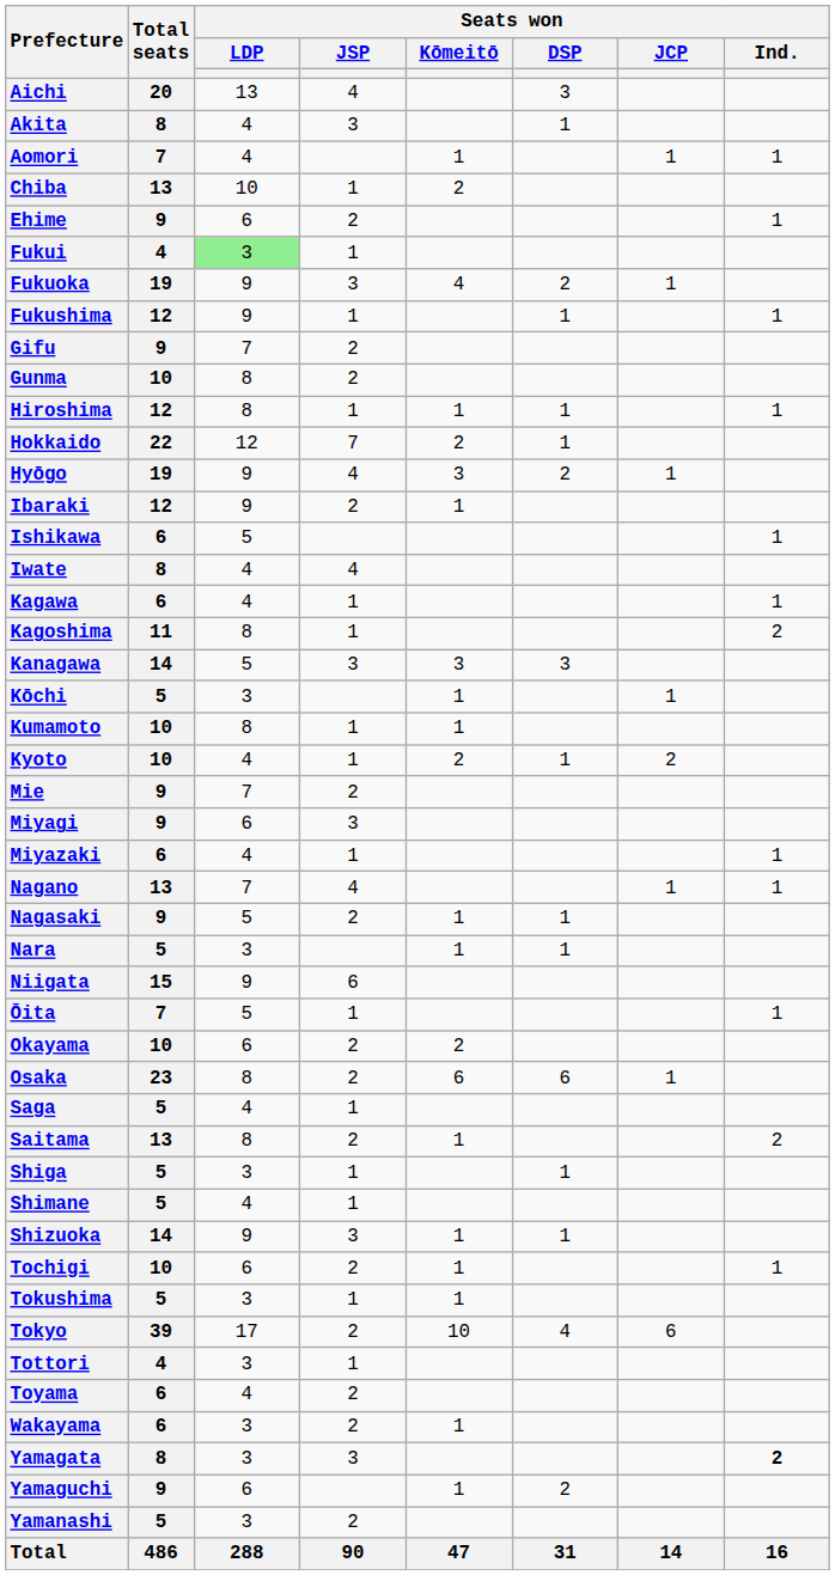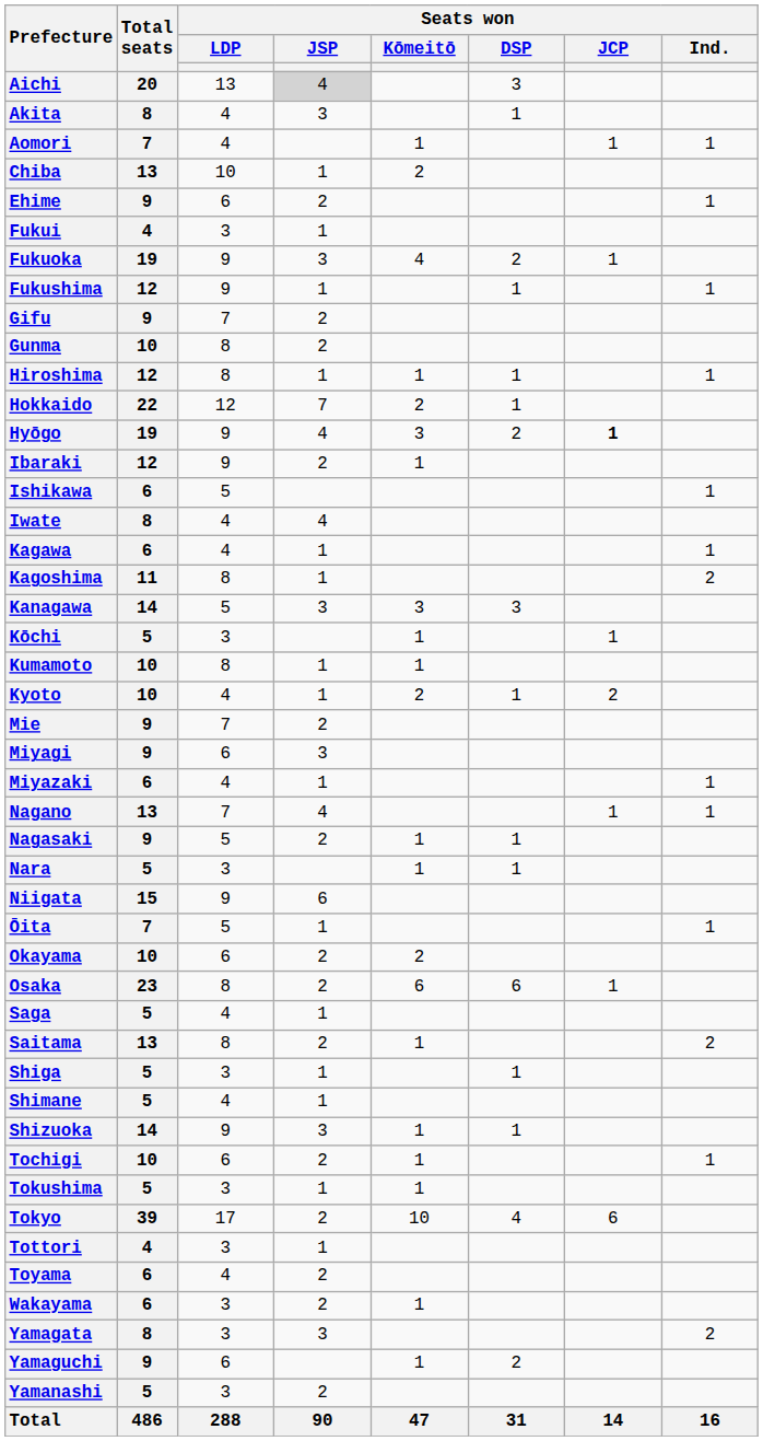 <table class="wikitable" style="text-align:center; font-size: 0.9em;">
 <tr>
 <th rowspan="3">Prefecture</th>
 <th rowspan="3">Total<br>seats</th>
 <th colspan="6">Seats won</th>
 </tr>
 <tr>
 <th class="unsortable" style="width:60px;"><a href='#'>LDP</a></th>
 <th class="unsortable" style="width:60px;"><a href='#'>JSP</a></th>
 <th class="unsortable" style="width:60px;"><a href='#'>Kōmeitō</a></th>
 <th class="unsortable" style="width:60px;"><a href='#'>DSP</a></th>
 <th class="unsortable" style="width:60px;"><a href='#'>JCP</a></th>
 <th class="unsortable" style="width:60px;">Ind.</th>
 </tr>
 <tr>
 <th style="background:"></th>
 <th style="background:"></th>
 <th style="background:"></th>
 <th style="background:"></th>
 <th style="background:"></th>
 <th style="background:"></th>
 </tr>
 <tr>
 <th style="text-align: left;"><a href='#'>Aichi</a></th>
 <th>20</th>
 <td>13</td>
-<td>4</td>
+<td style="background: lightgrey;">4</td>
 <td></td>
 <td>3</td>
 <td></td>
 <td></td>
 </tr>
 <tr>
 <th style="text-align: left;"><a href='#'>Akita</a></th>
 <th>8</th>
 <td>4</td>
 <td>3</td>
 <td></td>
 <td>1</td>
 <td></td>
 <td></td>
 </tr>
 <tr>
 <th style="text-align: left;"><a href='#'>Aomori</a></th>
 <th>7</th>
 <td>4</td>
 <td></td>
 <td>1</td>
 <td></td>
 <td>1</td>
 <td>1</td>
 </tr>
 <tr>
 <th style="text-align: left;"><a href='#'>Chiba</a></th>
 <th>13</th>
 <td>10</td>
 <td>1</td>
 <td>2</td>
 <td></td>
 <td></td>
 <td></td>
 </tr>
 <tr>
 <th style="text-align: left;"><a href='#'>Ehime</a></th>
 <th>9</th>
 <td>6</td>
 <td>2</td>
 <td></td>
 <td></td>
 <td></td>
 <td>1</td>
 </tr>
 <tr>
 <th style="text-align: left;"><a href='#'>Fukui</a></th>
 <th>4</th>
-<td style="background: lightgreen;">3</td>
+<td>3</td>
 <td>1</td>
 <td></td>
 <td></td>
 <td></td>
 <td></td>
 </tr>
 <tr>
 <th style="text-align: left;"><a href='#'>Fukuoka</a></th>
 <th>19</th>
 <td>9</td>
 <td>3</td>
 <td>4</td>
 <td>2</td>
 <td>1</td>
 <td></td>
 </tr>
 <tr>
 <th style="text-align: left;"><a href='#'>Fukushima</a></th>
 <th>12</th>
 <td>9</td>
 <td>1</td>
 <td></td>
 <td>1</td>
 <td></td>
 <td>1</td>
 </tr>
 <tr>
 <th style="text-align: left;"><a href='#'>Gifu</a></th>
 <th>9</th>
 <td>7</td>
 <td>2</td>
 <td></td>
 <td></td>
 <td></td>
 <td></td>
 </tr>
 <tr>
 <th style="text-align: left;"><a href='#'>Gunma</a></th>
 <th>10</th>
 <td>8</td>
 <td>2</td>
 <td></td>
 <td></td>
 <td></td>
 <td></td>
 </tr>
 <tr>
 <th style="text-align: left;"><a href='#'>Hiroshima</a></th>
 <th>12</th>
 <td>8</td>
 <td>1</td>
 <td>1</td>
 <td>1</td>
 <td></td>
 <td>1</td>
 </tr>
 <tr>
 <th style="text-align: left;"><a href='#'>Hokkaido</a></th>
 <th>22</th>
 <td>12</td>
 <td>7</td>
 <td>2</td>
 <td>1</td>
 <td></td>
 <td></td>
 </tr>
 <tr>
 <th style="text-align: left;"><a href='#'>Hyōgo</a></th>
 <th>19</th>
 <td>9</td>
 <td>4</td>
 <td>3</td>
 <td>2</td>
-<td>1</td>
+<td><strong>1</strong></td>
 <td></td>
 </tr>
 <tr>
 <th style="text-align: left;"><a href='#'>Ibaraki</a></th>
 <th>12</th>
 <td>9</td>
 <td>2</td>
 <td>1</td>
 <td></td>
 <td></td>
 <td></td>
 </tr>
 <tr>
 <th style="text-align: left;"><a href='#'>Ishikawa</a></th>
 <th>6</th>
 <td>5</td>
 <td></td>
 <td></td>
 <td></td>
 <td></td>
 <td>1</td>
 </tr>
 <tr>
 <th style="text-align: left;"><a href='#'>Iwate</a></th>
 <th>8</th>
 <td>4</td>
 <td>4</td>
 <td></td>
 <td></td>
 <td></td>
 <td></td>
 </tr>
 <tr>
 <th style="text-align: left;"><a href='#'>Kagawa</a></th>
 <th>6</th>
 <td>4</td>
 <td>1</td>
 <td></td>
 <td></td>
 <td></td>
 <td>1</td>
 </tr>
 <tr>
 <th style="text-align: left;"><a href='#'>Kagoshima</a></th>
 <th>11</th>
 <td>8</td>
 <td>1</td>
 <td></td>
 <td></td>
 <td></td>
 <td>2</td>
 </tr>
 <tr>
 <th style="text-align: left;"><a href='#'>Kanagawa</a></th>
 <th>14</th>
 <td>5</td>
 <td>3</td>
 <td>3</td>
 <td>3</td>
 <td></td>
 <td></td>
 </tr>
 <tr>
 <th style="text-align: left;"><a href='#'>Kōchi</a></th>
 <th>5</th>
 <td>3</td>
 <td></td>
 <td>1</td>
 <td></td>
 <td>1</td>
 <td></td>
 </tr>
 <tr>
 <th style="text-align: left;"><a href='#'>Kumamoto</a></th>
 <th>10</th>
 <td>8</td>
 <td>1</td>
 <td>1</td>
 <td></td>
 <td></td>
 <td></td>
 </tr>
 <tr>
 <th style="text-align: left;"><a href='#'>Kyoto</a></th>
 <th>10</th>
 <td>4</td>
 <td>1</td>
 <td>2</td>
 <td>1</td>
 <td>2</td>
 <td></td>
 </tr>
 <tr>
 <th style="text-align: left;"><a href='#'>Mie</a></th>
 <th>9</th>
 <td>7</td>
 <td>2</td>
 <td></td>
 <td></td>
 <td></td>
 <td></td>
 </tr>
 <tr>
 <th style="text-align: left;"><a href='#'>Miyagi</a></th>
 <th>9</th>
 <td>6</td>
 <td>3</td>
 <td></td>
 <td></td>
 <td></td>
 <td></td>
 </tr>
 <tr>
 <th style="text-align: left;"><a href='#'>Miyazaki</a></th>
 <th>6</th>
 <td>4</td>
 <td>1</td>
 <td></td>
 <td></td>
 <td></td>
 <td>1</td>
 </tr>
 <tr>
 <th style="text-align: left;"><a href='#'>Nagano</a></th>
 <th>13</th>
 <td>7</td>
 <td>4</td>
 <td></td>
 <td></td>
 <td>1</td>
 <td>1</td>
 </tr>
 <tr>
 <th style="text-align: left;"><a href='#'>Nagasaki</a></th>
 <th>9</th>
 <td>5</td>
 <td>2</td>
 <td>1</td>
 <td>1</td>
 <td></td>
 <td></td>
 </tr>
 <tr>
 <th style="text-align: left;"><a href='#'>Nara</a></th>
 <th>5</th>
 <td>3</td>
 <td></td>
 <td>1</td>
 <td>1</td>
 <td></td>
 <td></td>
 </tr>
 <tr>
 <th style="text-align: left;"><a href='#'>Niigata</a></th>
 <th>15</th>
 <td>9</td>
 <td>6</td>
 <td></td>
 <td></td>
 <td></td>
 <td></td>
 </tr>
 <tr>
 <th style="text-align: left;"><a href='#'>Ōita</a></th>
 <th>7</th>
 <td>5</td>
 <td>1</td>
 <td></td>
 <td></td>
 <td></td>
 <td>1</td>
 </tr>
 <tr>
 <th style="text-align: left;"><a href='#'>Okayama</a></th>
 <th>10</th>
 <td>6</td>
 <td>2</td>
 <td>2</td>
 <td></td>
 <td></td>
 <td></td>
 </tr>
 <tr>
 <th style="text-align: left;"><a href='#'>Osaka</a></th>
 <th>23</th>
 <td>8</td>
 <td>2</td>
 <td>6</td>
 <td>6</td>
 <td>1</td>
 <td></td>
 </tr>
 <tr>
 <th style="text-align: left;"><a href='#'>Saga</a></th>
 <th>5</th>
 <td>4</td>
 <td>1</td>
 <td></td>
 <td></td>
 <td></td>
 <td></td>
 </tr>
 <tr>
 <th style="text-align: left;"><a href='#'>Saitama</a></th>
 <th>13</th>
 <td>8</td>
 <td>2</td>
 <td>1</td>
 <td></td>
 <td></td>
 <td>2</td>
 </tr>
 <tr>
 <th style="text-align: left;"><a href='#'>Shiga</a></th>
 <th>5</th>
 <td>3</td>
 <td>1</td>
 <td></td>
 <td>1</td>
 <td></td>
 <td></td>
 </tr>
 <tr>
 <th style="text-align: left;"><a href='#'>Shimane</a></th>
 <th>5</th>
 <td>4</td>
 <td>1</td>
 <td></td>
 <td></td>
 <td></td>
 <td></td>
 </tr>
 <tr>
 <th style="text-align: left;"><a href='#'>Shizuoka</a></th>
 <th>14</th>
 <td>9</td>
 <td>3</td>
 <td>1</td>
 <td>1</td>
 <td></td>
 <td></td>
 </tr>
 <tr>
 <th style="text-align: left;"><a href='#'>Tochigi</a></th>
 <th>10</th>
 <td>6</td>
 <td>2</td>
 <td>1</td>
 <td></td>
 <td></td>
 <td>1</td>
 </tr>
 <tr>
 <th style="text-align: left;"><a href='#'>Tokushima</a></th>
 <th>5</th>
 <td>3</td>
 <td>1</td>
 <td>1</td>
 <td></td>
 <td></td>
 <td></td>
 </tr>
 <tr>
 <th style="text-align: left;"><a href='#'>Tokyo</a></th>
 <th>39</th>
 <td>17</td>
 <td>2</td>
 <td>10</td>
 <td>4</td>
 <td>6</td>
 <td></td>
 </tr>
 <tr>
 <th style="text-align: left;"><a href='#'>Tottori</a></th>
 <th>4</th>
 <td>3</td>
 <td>1</td>
 <td></td>
 <td></td>
 <td></td>
 <td></td>
 </tr>
 <tr>
 <th style="text-align: left;"><a href='#'>Toyama</a></th>
 <th>6</th>
 <td>4</td>
 <td>2</td>
 <td></td>
 <td></td>
 <td></td>
 <td></td>
 </tr>
 <tr>
 <th style="text-align: left;"><a href='#'>Wakayama</a></th>
 <th>6</th>
 <td>3</td>
 <td>2</td>
 <td>1</td>
 <td></td>
 <td></td>
 <td></td>
 </tr>
 <tr>
 <th style="text-align: left;"><a href='#'>Yamagata</a></th>
 <th>8</th>
 <td>3</td>
 <td>3</td>
 <td></td>
 <td></td>
 <td></td>
-<td><strong>2</strong></td>
+<td>2</td>
 </tr>
 <tr>
 <th style="text-align: left;"><a href='#'>Yamaguchi</a></th>
 <th>9</th>
 <td>6</td>
 <td></td>
 <td>1</td>
 <td>2</td>
 <td></td>
 <td></td>
 </tr>
 <tr>
 <th style="text-align: left;"><a href='#'>Yamanashi</a></th>
 <th>5</th>
 <td>3</td>
 <td>2</td>
 <td></td>
 <td></td>
 <td></td>
 <td></td>
 </tr>
 <tr class="sortbottom">
 <th style="text-align: left;">Total</th>
 <th>486</th>
 <th>288</th>
 <th>90</th>
 <th>47</th>
 <th>31</th>
 <th>14</th>
 <th>16</th>
 </tr>
 </table>
